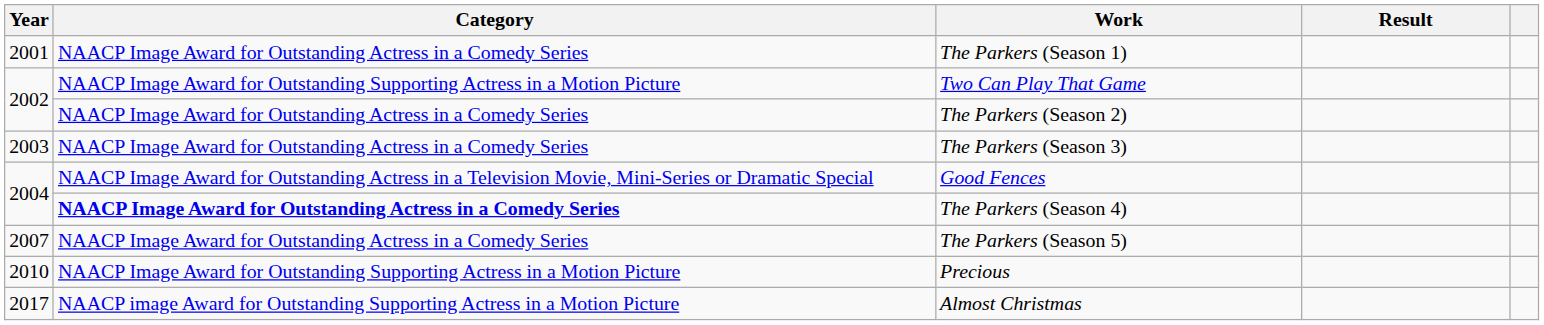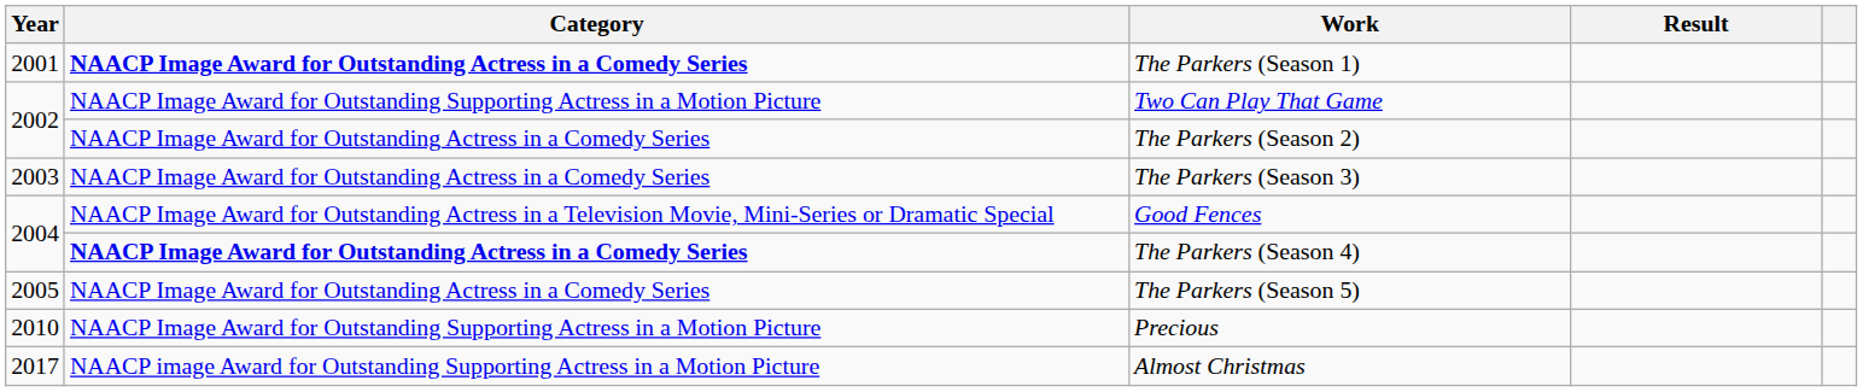 <table class="wikitable">
 <tr>
 <th scope="col" style="width:1em;">Year</th>
 <th scope="col" style="width:44em;">Category</th>
 <th scope="col" style="width:18em;">Work</th>
 <th scope="col" style="width:10em;">Result</th>
 <th class="unsortable" style="width:1em;"></th>
 </tr>
 <tr>
 <td>2001</td>
-<td><a href='#'>NAACP Image Award for Outstanding Actress in a Comedy Series</a></td>
+<td><strong><a href='#'>NAACP Image Award for Outstanding Actress in a Comedy Series</a></strong></td>
 <td><em>The Parkers</em> (Season 1)</td>
 <td></td>
 <td></td>
 </tr>
 <tr>
 <td rowspan="2">2002</td>
 <td><a href='#'>NAACP Image Award for Outstanding Supporting Actress in a Motion Picture</a> </td>
 <td><em><a href='#'>Two Can Play That Game</a></em></td>
 <td></td>
 <td></td>
 </tr>
 <tr>
 <td><a href='#'>NAACP Image Award for Outstanding Actress in a Comedy Series</a></td>
 <td><em>The Parkers</em> (Season 2)</td>
 <td></td>
 <td></td>
 </tr>
 <tr>
 <td>2003</td>
 <td><a href='#'>NAACP Image Award for Outstanding Actress in a Comedy Series</a> </td>
 <td><em>The Parkers</em> (Season 3)</td>
 <td></td>
 <td></td>
 </tr>
 <tr>
 <td rowspan="2">2004</td>
 <td><a href='#'>NAACP Image Award for Outstanding Actress in a Television Movie, Mini-Series or Dramatic Special</a> </td>
 <td><em><a href='#'>Good Fences</a></em></td>
 <td></td>
 <td></td>
 </tr>
 <tr>
 <td><strong><a href='#'>NAACP Image Award for Outstanding Actress in a Comedy Series</a></strong></td>
 <td><em>The Parkers</em> (Season 4)</td>
 <td></td>
 <td></td>
 </tr>
 <tr>
-<td>2007</td>
+<td>2005</td>
 <td><a href='#'>NAACP Image Award for Outstanding Actress in a Comedy Series</a></td>
 <td><em>The Parkers</em> (Season 5)</td>
 <td></td>
 <td></td>
 </tr>
 <tr>
 <td>2010</td>
 <td><a href='#'>NAACP Image Award for Outstanding Supporting Actress in a Motion Picture</a></td>
 <td><em>Precious</em></td>
 <td></td>
 <td></td>
 </tr>
 <tr>
 <td>2017</td>
 <td><a href='#'>NAACP image Award for Outstanding Supporting Actress in a Motion Picture</a> </td>
 <td><em>Almost Christmas</em></td>
 <td></td>
 <td></td>
 </tr>
 </table>
